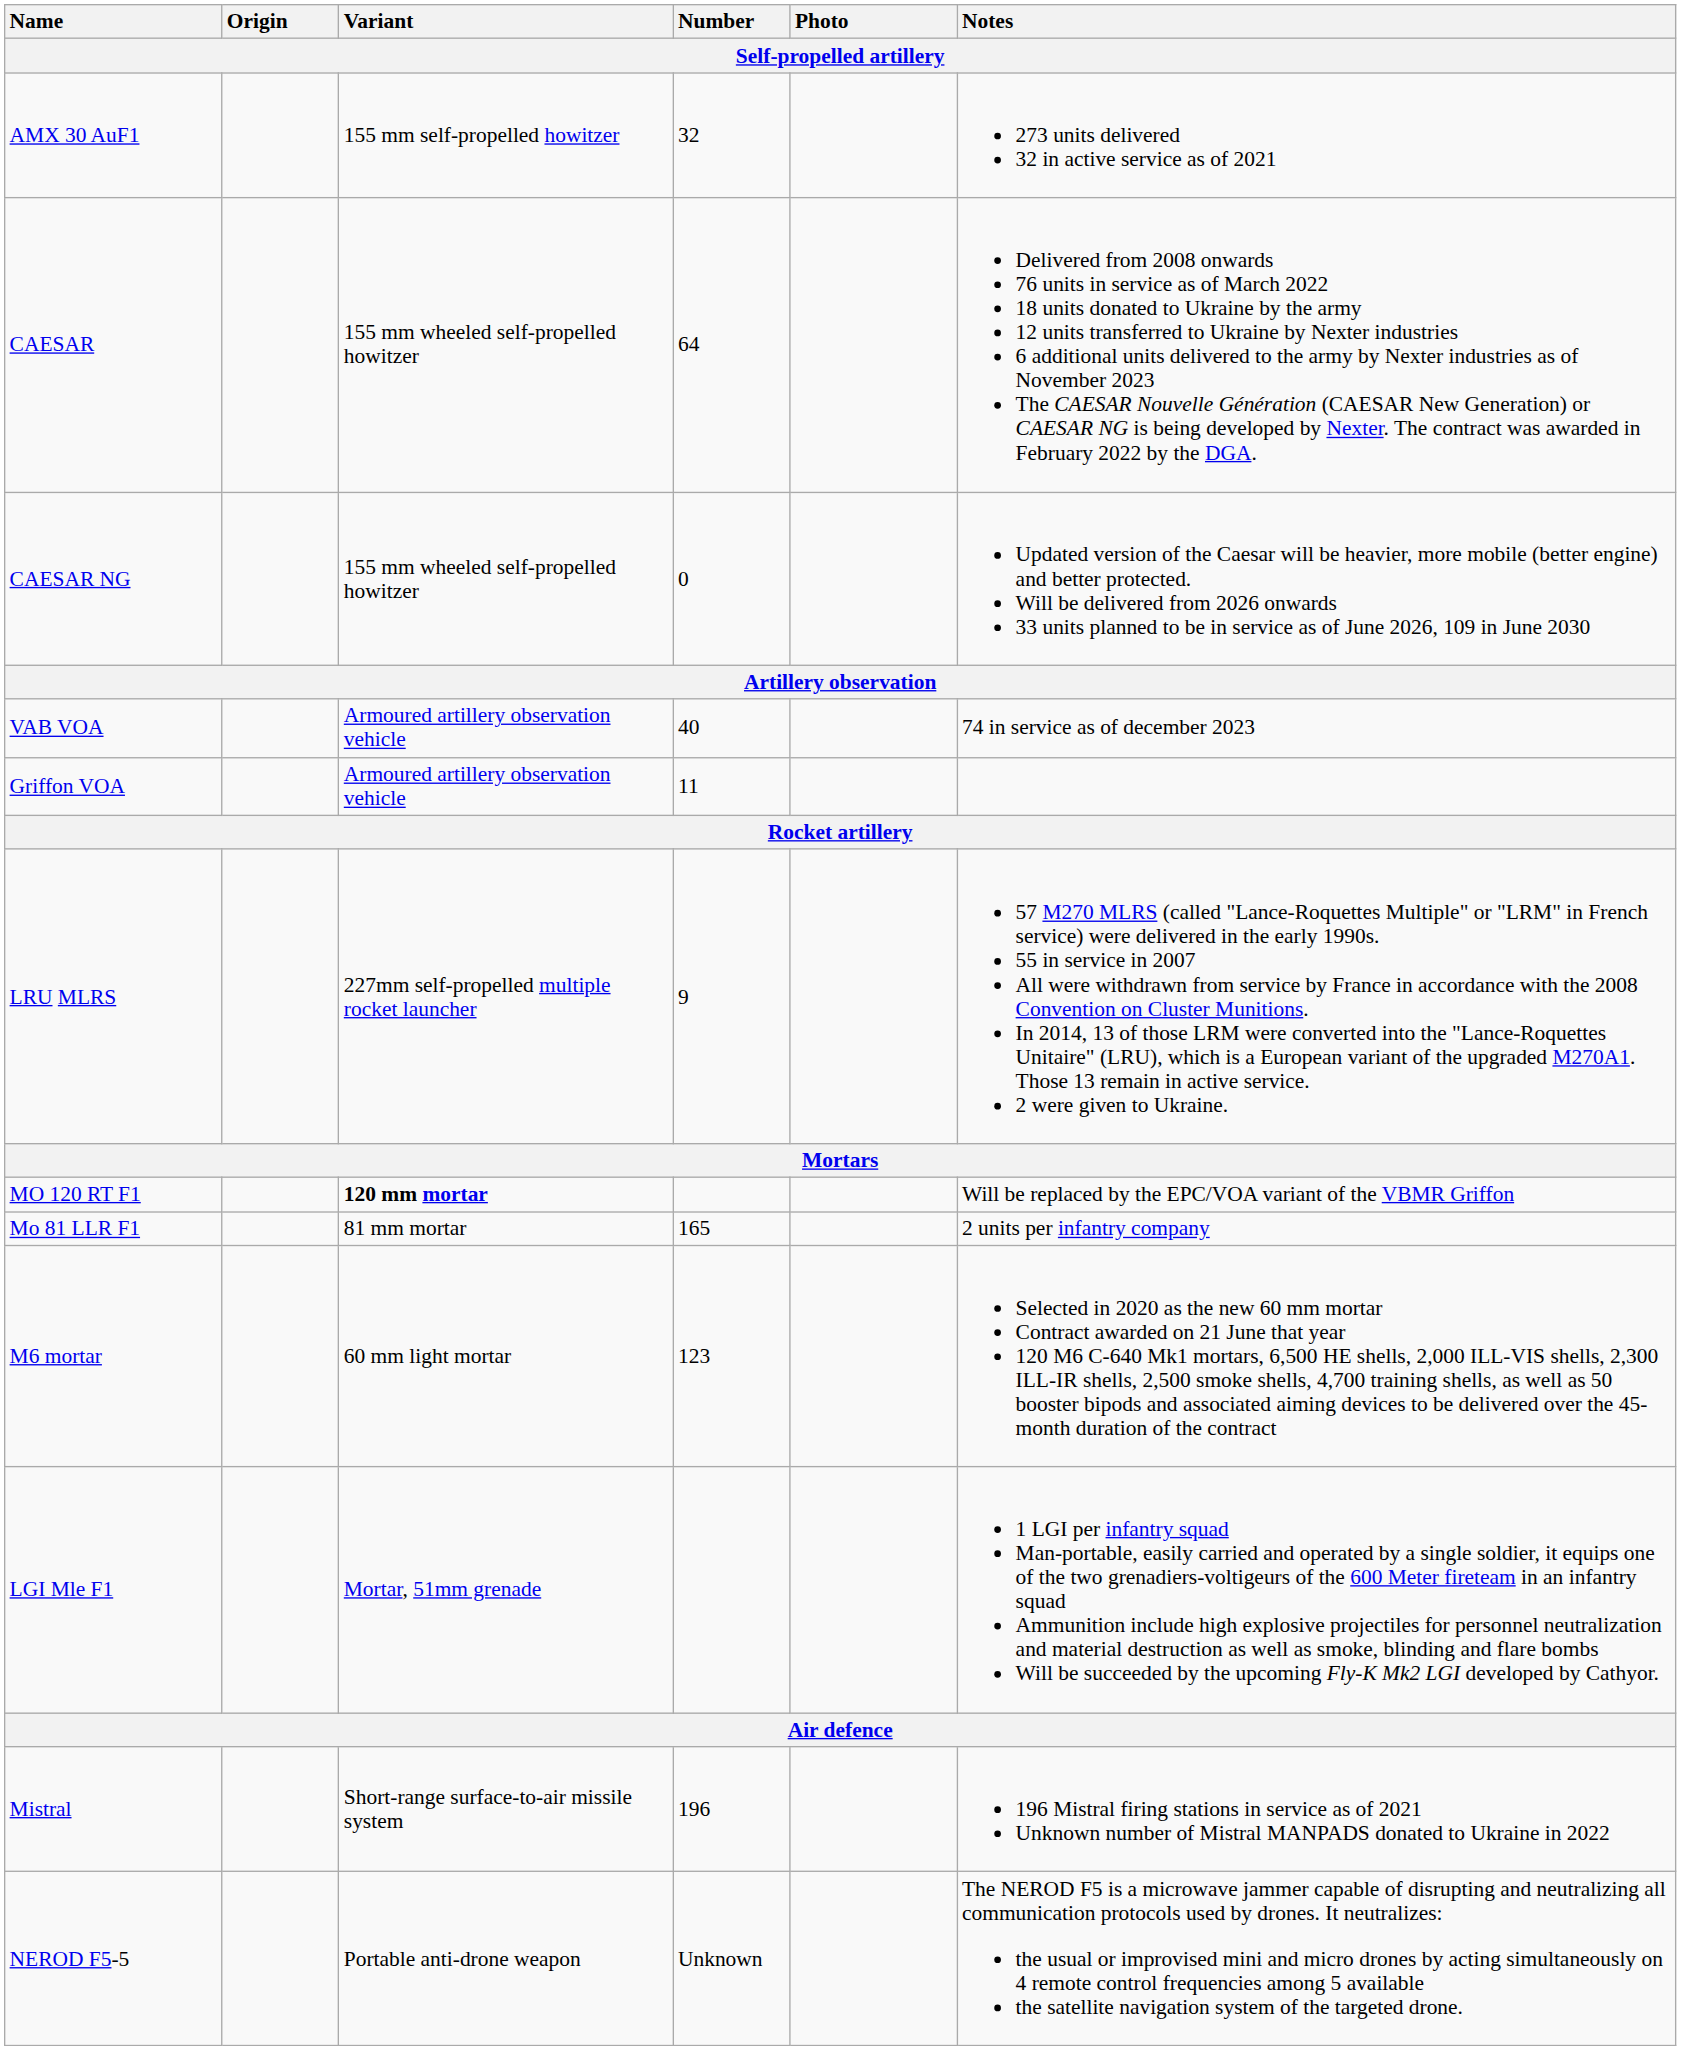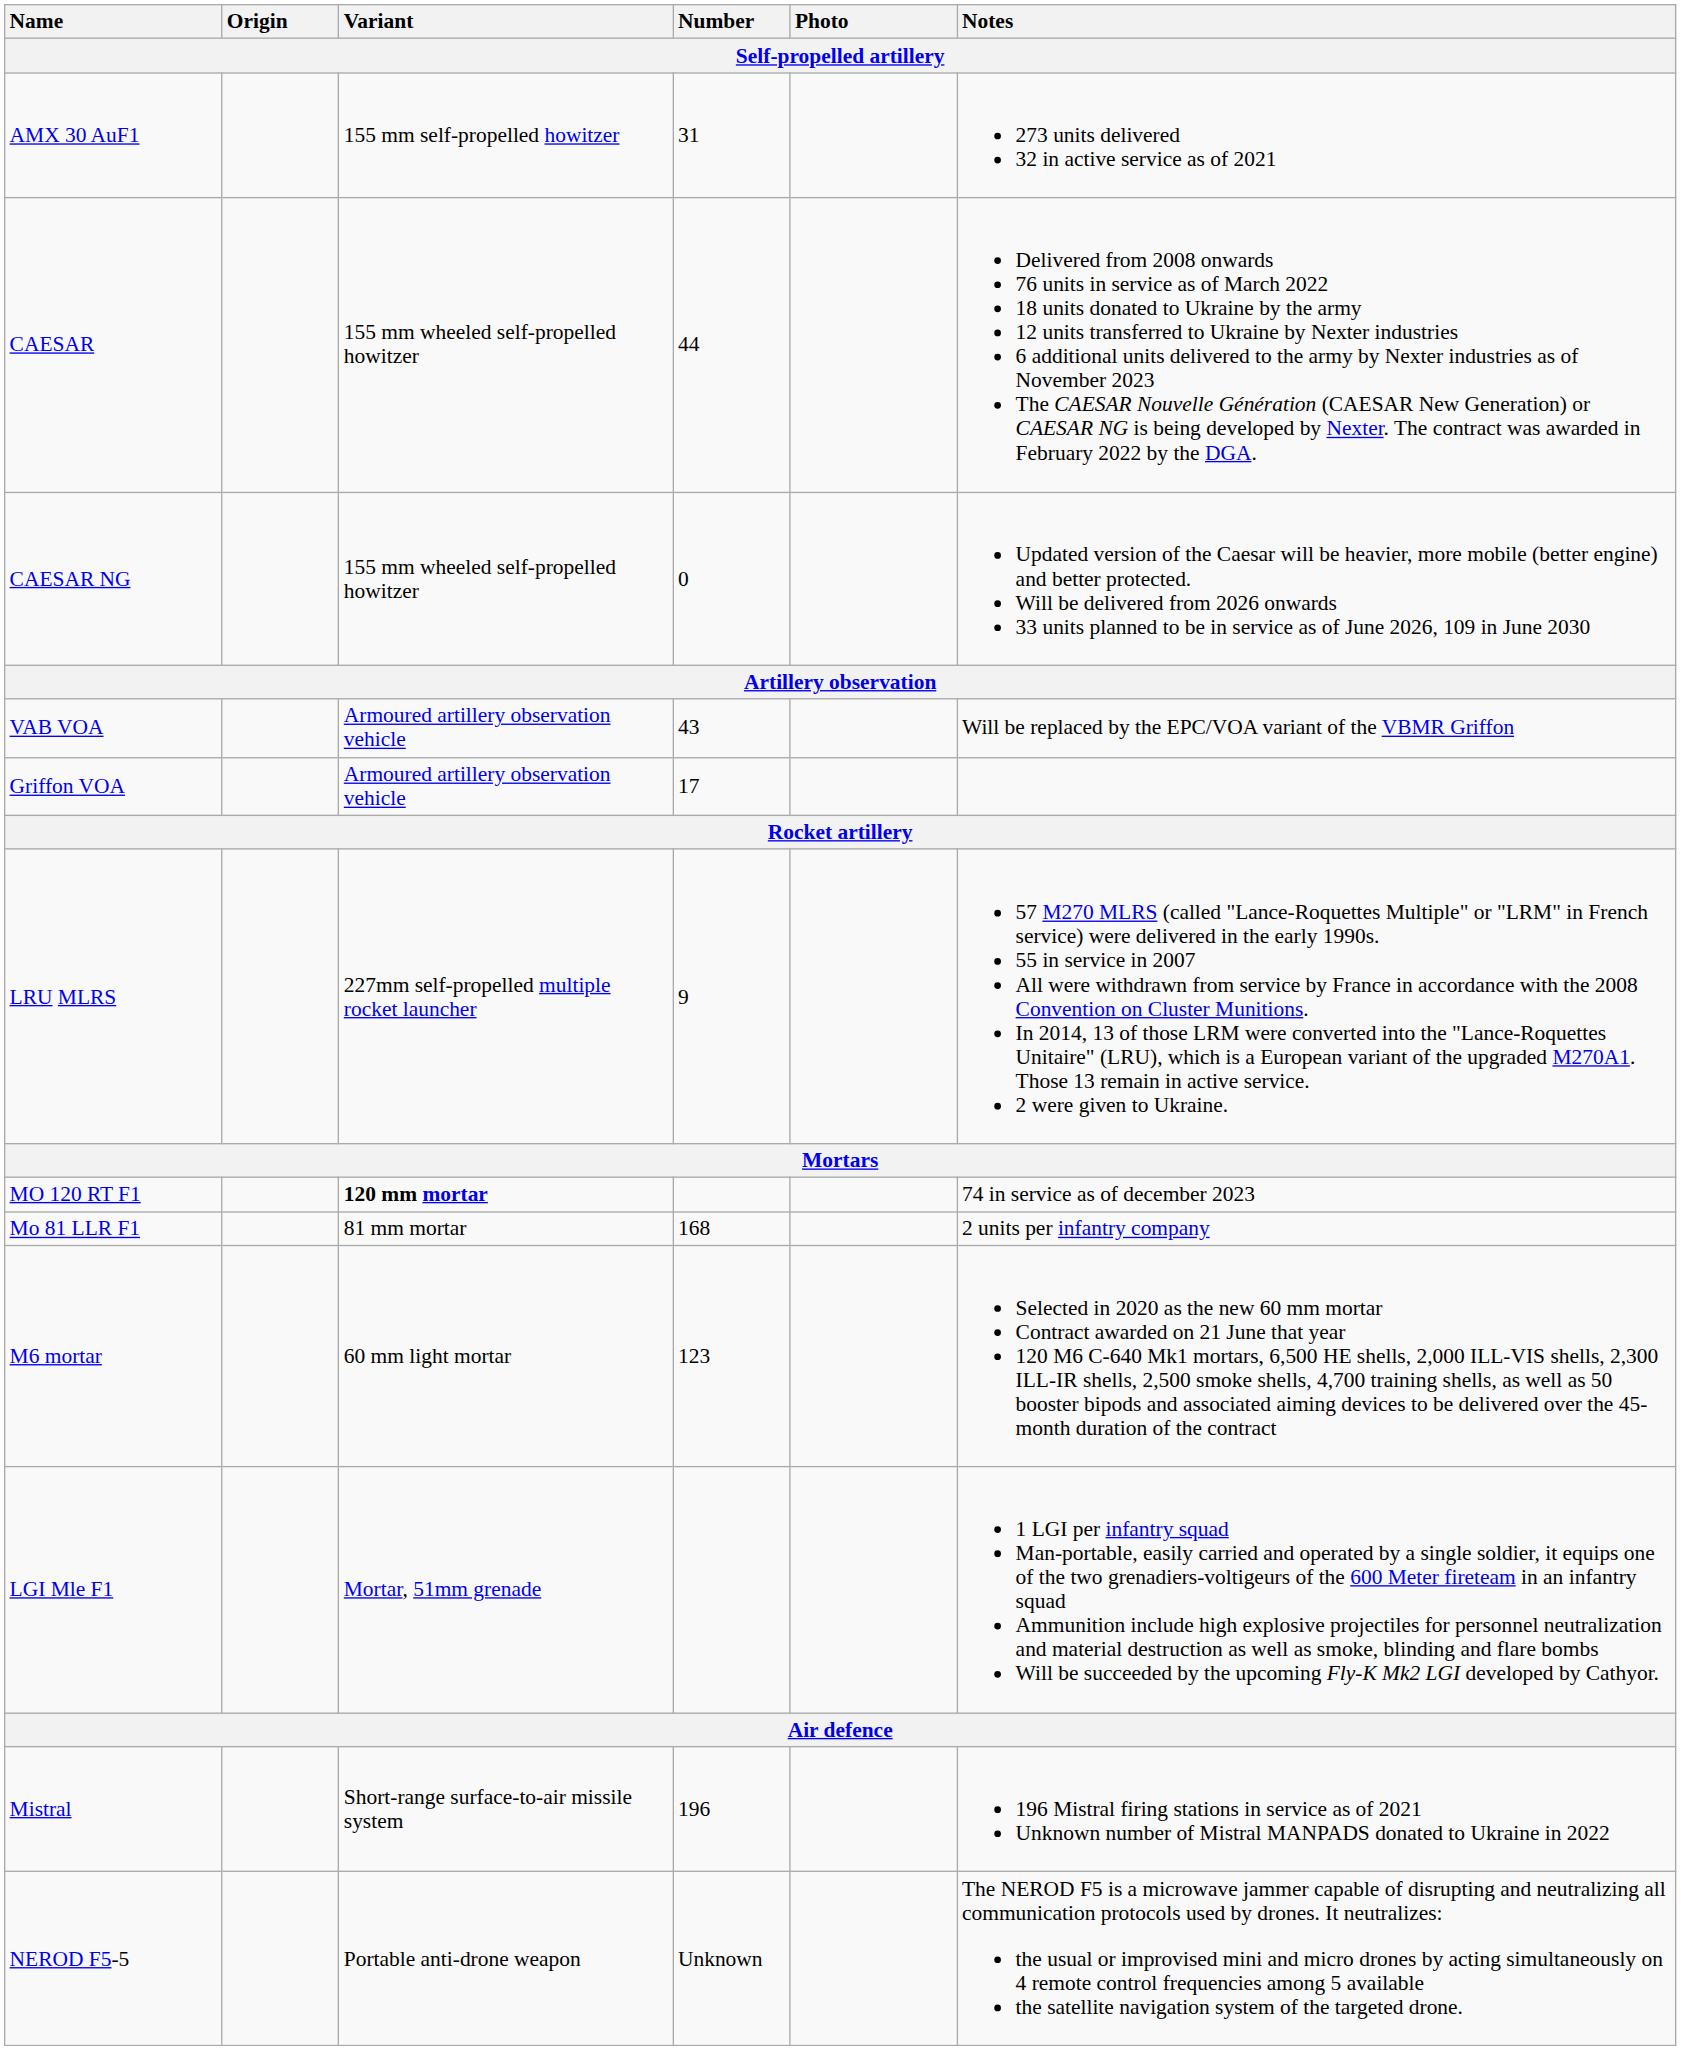 <table class="wikitable">
 <tr>
 <th style="text-align: left; width:13%;">Name</th>
 <th style="text-align: left; width:7%;">Origin</th>
 <th style="text-align: left; width:20%;">Variant</th>
 <th style="text-align: left; width:7%;">Number</th>
 <th style="text-align: left; width:10%; ">Photo</th>
 <th style="text-align: left; width:43%;">Notes</th>
 </tr>
 <tr>
 <th style="align: center;" colspan="7"><a href='#'>Self-propelled artillery</a></th>
 </tr>
 <tr>
 <td><a href='#'>AMX 30 AuF1</a></td>
 <td></td>
 <td>155 mm self-propelled <a href='#'>howitzer</a></td>
-<td>32</td>
+<td>31</td>
 <td></td>
 <td><br><ul><li>273 units delivered</li><li>32 in active service as of 2021</li></ul></td>
 </tr>
 <tr>
 <td><a href='#'>CAESAR</a></td>
 <td></td>
 <td>155 mm wheeled self-propelled howitzer</td>
-<td>64</td>
+<td>44</td>
 <td></td>
 <td><br><ul><li>Delivered from 2008 onwards</li><li>76 units in service as of March 2022</li><li>18 units donated to Ukraine by the army</li><li>12 units transferred to Ukraine by Nexter industries</li><li>6 additional units delivered to the army by Nexter industries as of November 2023</li><li>The <em>CAESAR Nouvelle Génération</em> (CAESAR New Generation) or <em>CAESAR NG</em> is being developed by <a href='#'>Nexter</a>. The contract was awarded in February 2022 by the <a href='#'>DGA</a>.</li></ul></td>
 </tr>
 <tr>
 <td><a href='#'>CAESAR NG</a></td>
 <td></td>
 <td>155 mm wheeled self-propelled howitzer</td>
 <td>0</td>
 <td></td>
 <td><br><ul><li>Updated version of the Caesar will be heavier, more mobile (better engine) and better protected.</li><li>Will be delivered from 2026 onwards</li><li>33 units planned to be in service as of June 2026, 109 in June 2030</li></ul></td>
 </tr>
 <tr>
 <th style="align: center;" colspan="7"><a href='#'>Artillery observation</a></th>
 </tr>
 <tr>
 <td><a href='#'>VAB VOA</a></td>
 <td></td>
 <td><a href='#'>Armoured artillery observation vehicle</a></td>
-<td>40</td>
+<td>43</td>
 <td></td>
-<td>74 in service as of december 2023</td>
+<td>Will be replaced by the EPC/VOA variant of the <a href='#'>VBMR Griffon</a></td>
 </tr>
 <tr>
 <td><a href='#'>Griffon VOA</a></td>
 <td></td>
 <td><a href='#'>Armoured artillery observation vehicle</a></td>
-<td>11</td>
+<td>17</td>
 <td></td>
 <td></td>
 </tr>
 <tr>
 <th style="align: center;" colspan="7"><a href='#'>Rocket artillery</a></th>
 </tr>
 <tr>
 <td><a href='#'>LRU</a> <a href='#'>MLRS</a></td>
 <td><br></td>
 <td>227mm self-propelled <a href='#'>multiple rocket launcher</a></td>
 <td>9</td>
 <td></td>
 <td><br><ul><li>57 <a href='#'>M270 MLRS</a> (called "Lance-Roquettes Multiple" or "LRM" in French service) were delivered in the early 1990s.</li><li>55 in service in 2007</li><li>All were withdrawn from service by France in accordance with the 2008 <a href='#'>Convention on Cluster Munitions</a>.</li><li>In 2014, 13 of those LRM were converted into the "Lance-Roquettes Unitaire" (LRU), which is a European variant of the upgraded <a href='#'>M270A1</a>. Those 13 remain in active service.</li><li>2 were given to Ukraine.</li></ul></td>
 </tr>
 <tr>
 <th style="align: center;" colspan="7"><a href='#'>Mortars</a></th>
 </tr>
 <tr>
 <td><a href='#'>MO 120 RT F1</a></td>
 <td></td>
 <td><strong>120 mm <a href='#'>mortar</a></strong></td>
 <td></td>
 <td></td>
-<td>Will be replaced by the EPC/VOA variant of the <a href='#'>VBMR Griffon</a></td>
+<td>74 in service as of december 2023</td>
 </tr>
 <tr>
 <td><a href='#'>Mo 81 LLR F1</a></td>
 <td></td>
 <td>81 mm mortar</td>
-<td>165</td>
+<td>168</td>
 <td></td>
 <td>2 units per <a href='#'>infantry company</a></td>
 </tr>
 <tr>
 <td><a href='#'>M6 mortar</a></td>
 <td></td>
 <td>60 mm light mortar</td>
 <td>123</td>
 <td></td>
 <td><br><ul><li>Selected in 2020 as the new 60 mm mortar</li><li>Contract awarded on 21 June that year</li><li>120 M6 C-640 Mk1 mortars, 6,500 HE shells, 2,000 ILL-VIS shells, 2,300 ILL-IR shells, 2,500 smoke shells, 4,700 training shells, as well as 50 booster bipods and associated aiming devices to be delivered over the 45-month duration of the contract</li></ul></td>
 </tr>
 <tr>
 <td><a href='#'>LGI Mle F1</a></td>
 <td></td>
 <td><a href='#'>Mortar</a>, <a href='#'>51mm grenade</a></td>
 <td></td>
 <td></td>
 <td><br><ul><li>1 LGI per <a href='#'>infantry squad</a></li><li>Man-portable, easily carried and operated by a single soldier, it equips one of the two grenadiers-voltigeurs of the <a href='#'>600 Meter fireteam</a> in an infantry squad</li><li>Ammunition include high explosive projectiles for personnel neutralization and material destruction as well as smoke, blinding and flare bombs</li><li>Will be succeeded by the upcoming <em>Fly-K Mk2 LGI</em> developed by Cathyor.</li></ul></td>
 </tr>
 <tr>
 <th style="align: center;" colspan="7"><a href='#'>Air defence</a></th>
 </tr>
 <tr>
 <td><a href='#'>Mistral</a></td>
 <td></td>
 <td>Short-range surface-to-air missile system</td>
 <td>196</td>
 <td></td>
 <td><br><ul><li>196 Mistral firing stations in service as of 2021</li><li>Unknown number of Mistral MANPADS donated to Ukraine in 2022</li></ul></td>
 </tr>
 <tr>
 <td><a href='#'>NEROD F5</a>-5</td>
 <td></td>
 <td>Portable anti-drone weapon</td>
 <td>Unknown</td>
 <td></td>
 <td>The NEROD F5 is a microwave jammer capable of disrupting and neutralizing all communication protocols used by drones. It neutralizes:<br><ul><li>the usual or improvised mini and micro drones by acting simultaneously on 4 remote control frequencies among 5 available</li><li>the satellite navigation system of the targeted drone.</li></ul></td>
 </tr>
 </table>
